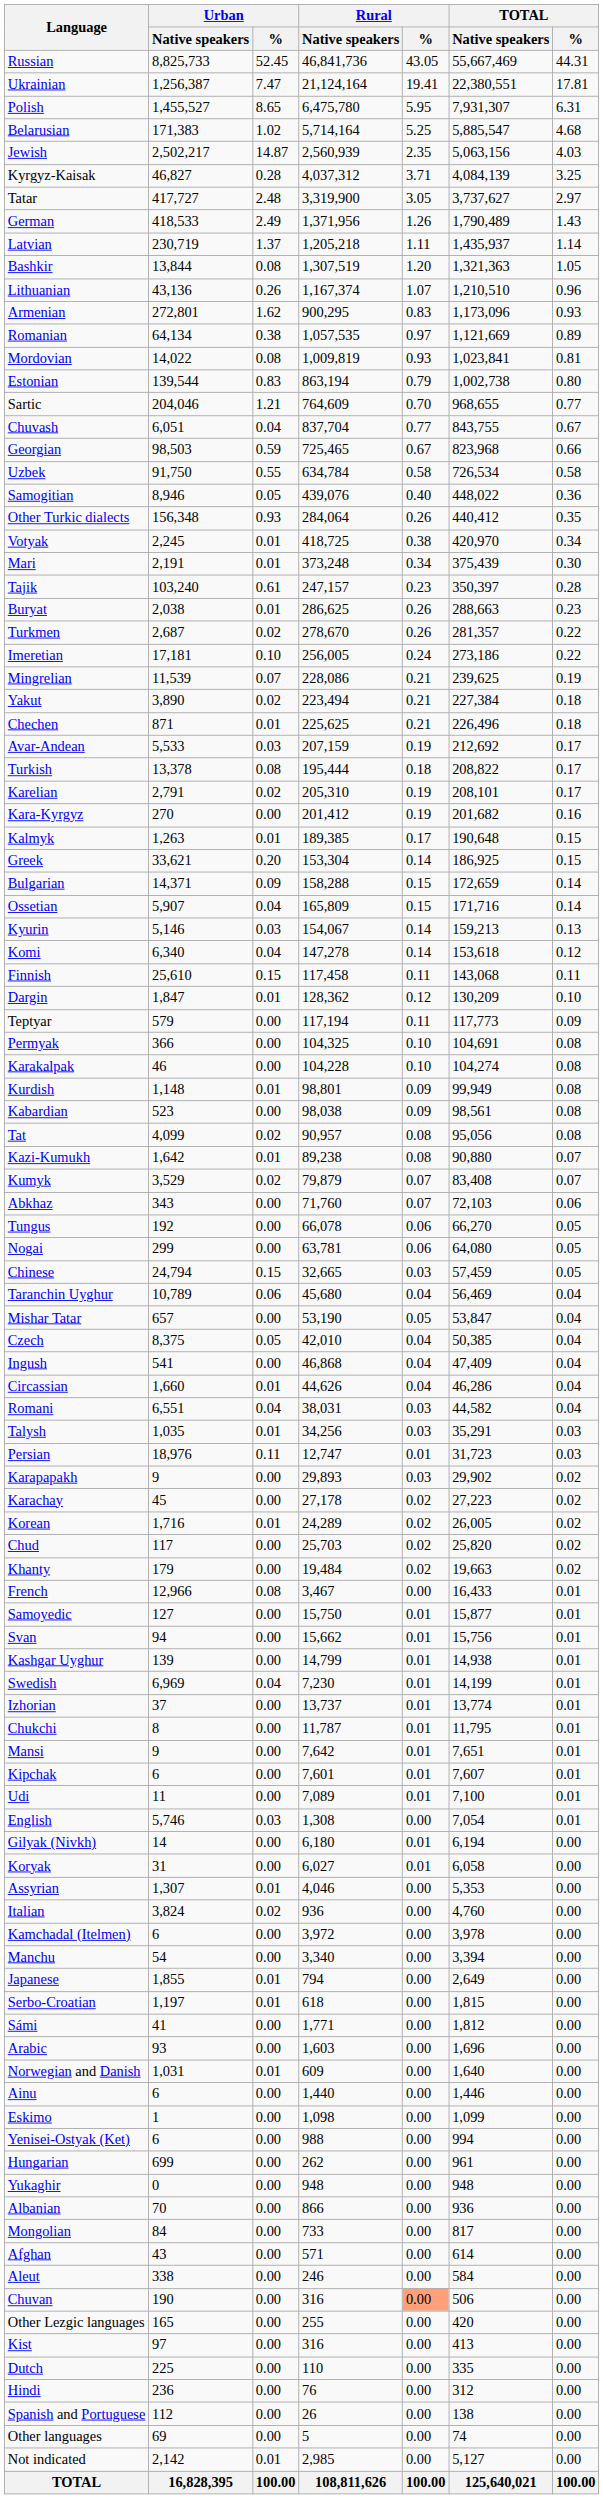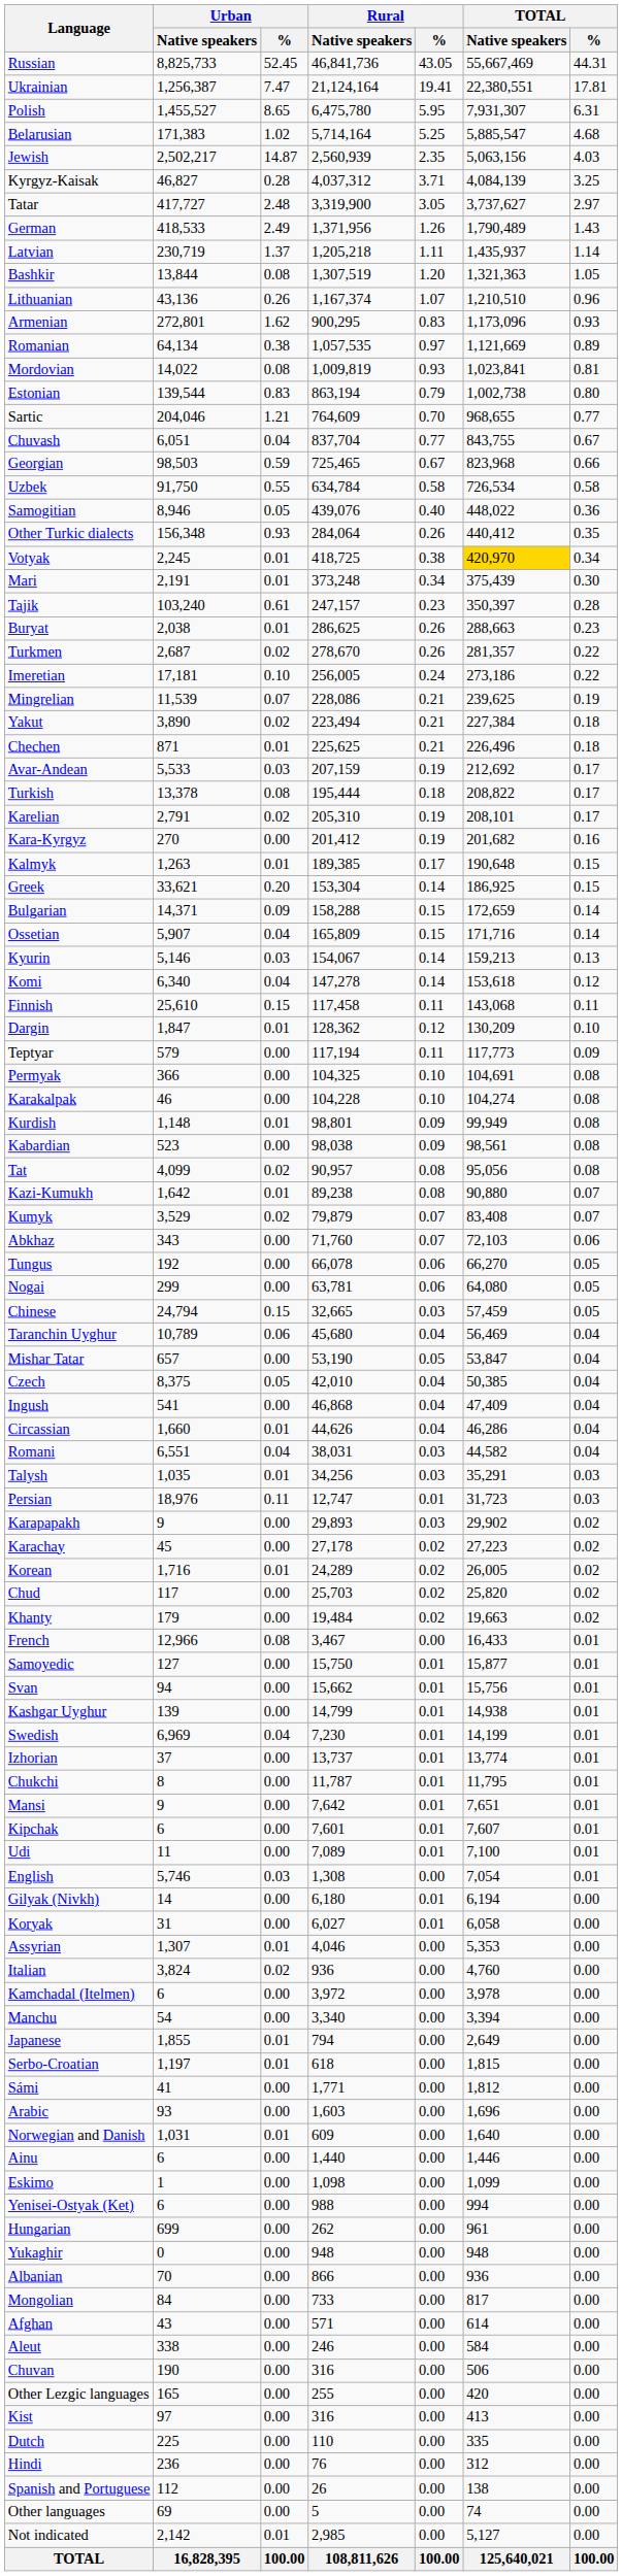 <table class="wikitable sortable">
 <tr>
 <th rowspan="2">Language</th>
 <th colspan="2"><a href='#'>Urban</a></th>
 <th colspan="2"><a href='#'>Rural</a></th>
 <th colspan="2">TOTAL</th>
 </tr>
 <tr>
 <th>Native speakers</th>
 <th>%</th>
 <th>Native speakers</th>
 <th>%</th>
 <th>Native speakers</th>
 <th>%</th>
 </tr>
 <tr>
 <td><a href='#'>Russian</a></td>
 <td>8,825,733</td>
 <td>52.45</td>
 <td>46,841,736</td>
 <td>43.05</td>
 <td>55,667,469</td>
 <td>44.31</td>
 </tr>
 <tr>
 <td><a href='#'>Ukrainian</a></td>
 <td>1,256,387</td>
 <td>7.47</td>
 <td>21,124,164</td>
 <td>19.41</td>
 <td>22,380,551</td>
 <td>17.81</td>
 </tr>
 <tr>
 <td><a href='#'>Polish</a></td>
 <td>1,455,527</td>
 <td>8.65</td>
 <td>6,475,780</td>
 <td>5.95</td>
 <td>7,931,307</td>
 <td>6.31</td>
 </tr>
 <tr>
 <td><a href='#'>Belarusian</a></td>
 <td>171,383</td>
 <td>1.02</td>
 <td>5,714,164</td>
 <td>5.25</td>
 <td>5,885,547</td>
 <td>4.68</td>
 </tr>
 <tr>
 <td><a href='#'>Jewish</a></td>
 <td>2,502,217</td>
 <td>14.87</td>
 <td>2,560,939</td>
 <td>2.35</td>
 <td>5,063,156</td>
 <td>4.03</td>
 </tr>
 <tr>
 <td>Kyrgyz-Kaisak</td>
 <td>46,827</td>
 <td>0.28</td>
 <td>4,037,312</td>
 <td>3.71</td>
 <td>4,084,139</td>
 <td>3.25</td>
 </tr>
 <tr>
 <td>Tatar</td>
 <td>417,727</td>
 <td>2.48</td>
 <td>3,319,900</td>
 <td>3.05</td>
 <td>3,737,627</td>
 <td>2.97</td>
 </tr>
 <tr>
 <td><a href='#'>German</a></td>
 <td>418,533</td>
 <td>2.49</td>
 <td>1,371,956</td>
 <td>1.26</td>
 <td>1,790,489</td>
 <td>1.43</td>
 </tr>
 <tr>
 <td><a href='#'>Latvian</a></td>
 <td>230,719</td>
 <td>1.37</td>
 <td>1,205,218</td>
 <td>1.11</td>
 <td>1,435,937</td>
 <td>1.14</td>
 </tr>
 <tr>
 <td><a href='#'>Bashkir</a></td>
 <td>13,844</td>
 <td>0.08</td>
 <td>1,307,519</td>
 <td>1.20</td>
 <td>1,321,363</td>
 <td>1.05</td>
 </tr>
 <tr>
 <td><a href='#'>Lithuanian</a></td>
 <td>43,136</td>
 <td>0.26</td>
 <td>1,167,374</td>
 <td>1.07</td>
 <td>1,210,510</td>
 <td>0.96</td>
 </tr>
 <tr>
 <td><a href='#'>Armenian</a></td>
 <td>272,801</td>
 <td>1.62</td>
 <td>900,295</td>
 <td>0.83</td>
 <td>1,173,096</td>
 <td>0.93</td>
 </tr>
 <tr>
 <td><a href='#'>Romanian</a></td>
 <td>64,134</td>
 <td>0.38</td>
 <td>1,057,535</td>
 <td>0.97</td>
 <td>1,121,669</td>
 <td>0.89</td>
 </tr>
 <tr>
 <td><a href='#'>Mordovian</a></td>
 <td>14,022</td>
 <td>0.08</td>
 <td>1,009,819</td>
 <td>0.93</td>
 <td>1,023,841</td>
 <td>0.81</td>
 </tr>
 <tr>
 <td><a href='#'>Estonian</a></td>
 <td>139,544</td>
 <td>0.83</td>
 <td>863,194</td>
 <td>0.79</td>
 <td>1,002,738</td>
 <td>0.80</td>
 </tr>
 <tr>
 <td>Sartic</td>
 <td>204,046</td>
 <td>1.21</td>
 <td>764,609</td>
 <td>0.70</td>
 <td>968,655</td>
 <td>0.77</td>
 </tr>
 <tr>
 <td><a href='#'>Chuvash</a></td>
 <td>6,051</td>
 <td>0.04</td>
 <td>837,704</td>
 <td>0.77</td>
 <td>843,755</td>
 <td>0.67</td>
 </tr>
 <tr>
 <td><a href='#'>Georgian</a></td>
 <td>98,503</td>
 <td>0.59</td>
 <td>725,465</td>
 <td>0.67</td>
 <td>823,968</td>
 <td>0.66</td>
 </tr>
 <tr>
 <td><a href='#'>Uzbek</a></td>
 <td>91,750</td>
 <td>0.55</td>
 <td>634,784</td>
 <td>0.58</td>
 <td>726,534</td>
 <td>0.58</td>
 </tr>
 <tr>
 <td><a href='#'>Samogitian</a></td>
 <td>8,946</td>
 <td>0.05</td>
 <td>439,076</td>
 <td>0.40</td>
 <td>448,022</td>
 <td>0.36</td>
 </tr>
 <tr>
 <td><a href='#'>Other Turkic dialects</a></td>
 <td>156,348</td>
 <td>0.93</td>
 <td>284,064</td>
 <td>0.26</td>
 <td>440,412</td>
 <td>0.35</td>
 </tr>
 <tr>
 <td><a href='#'>Votyak</a></td>
 <td>2,245</td>
 <td>0.01</td>
 <td>418,725</td>
 <td>0.38</td>
-<td>420,970</td>
+<td style="background: gold;">420,970</td>
 <td>0.34</td>
 </tr>
 <tr>
 <td><a href='#'>Mari</a></td>
 <td>2,191</td>
 <td>0.01</td>
 <td>373,248</td>
 <td>0.34</td>
 <td>375,439</td>
 <td>0.30</td>
 </tr>
 <tr>
 <td><a href='#'>Tajik</a></td>
 <td>103,240</td>
 <td>0.61</td>
 <td>247,157</td>
 <td>0.23</td>
 <td>350,397</td>
 <td>0.28</td>
 </tr>
 <tr>
 <td><a href='#'>Buryat</a></td>
 <td>2,038</td>
 <td>0.01</td>
 <td>286,625</td>
 <td>0.26</td>
 <td>288,663</td>
 <td>0.23</td>
 </tr>
 <tr>
 <td><a href='#'>Turkmen</a></td>
 <td>2,687</td>
 <td>0.02</td>
 <td>278,670</td>
 <td>0.26</td>
 <td>281,357</td>
 <td>0.22</td>
 </tr>
 <tr>
 <td><a href='#'>Imeretian</a></td>
 <td>17,181</td>
 <td>0.10</td>
 <td>256,005</td>
 <td>0.24</td>
 <td>273,186</td>
 <td>0.22</td>
 </tr>
 <tr>
 <td><a href='#'>Mingrelian</a></td>
 <td>11,539</td>
 <td>0.07</td>
 <td>228,086</td>
 <td>0.21</td>
 <td>239,625</td>
 <td>0.19</td>
 </tr>
 <tr>
 <td><a href='#'>Yakut</a></td>
 <td>3,890</td>
 <td>0.02</td>
 <td>223,494</td>
 <td>0.21</td>
 <td>227,384</td>
 <td>0.18</td>
 </tr>
 <tr>
 <td><a href='#'>Chechen</a></td>
 <td>871</td>
 <td>0.01</td>
 <td>225,625</td>
 <td>0.21</td>
 <td>226,496</td>
 <td>0.18</td>
 </tr>
 <tr>
 <td><a href='#'>Avar-Andean</a></td>
 <td>5,533</td>
 <td>0.03</td>
 <td>207,159</td>
 <td>0.19</td>
 <td>212,692</td>
 <td>0.17</td>
 </tr>
 <tr>
 <td><a href='#'>Turkish</a></td>
 <td>13,378</td>
 <td>0.08</td>
 <td>195,444</td>
 <td>0.18</td>
 <td>208,822</td>
 <td>0.17</td>
 </tr>
 <tr>
 <td><a href='#'>Karelian</a></td>
 <td>2,791</td>
 <td>0.02</td>
 <td>205,310</td>
 <td>0.19</td>
 <td>208,101</td>
 <td>0.17</td>
 </tr>
 <tr>
 <td><a href='#'>Kara-Kyrgyz</a></td>
 <td>270</td>
 <td>0.00</td>
 <td>201,412</td>
 <td>0.19</td>
 <td>201,682</td>
 <td>0.16</td>
 </tr>
 <tr>
 <td><a href='#'>Kalmyk</a></td>
 <td>1,263</td>
 <td>0.01</td>
 <td>189,385</td>
 <td>0.17</td>
 <td>190,648</td>
 <td>0.15</td>
 </tr>
 <tr>
 <td><a href='#'>Greek</a></td>
 <td>33,621</td>
 <td>0.20</td>
 <td>153,304</td>
 <td>0.14</td>
 <td>186,925</td>
 <td>0.15</td>
 </tr>
 <tr>
 <td><a href='#'>Bulgarian</a></td>
 <td>14,371</td>
 <td>0.09</td>
 <td>158,288</td>
 <td>0.15</td>
 <td>172,659</td>
 <td>0.14</td>
 </tr>
 <tr>
 <td><a href='#'>Ossetian</a></td>
 <td>5,907</td>
 <td>0.04</td>
 <td>165,809</td>
 <td>0.15</td>
 <td>171,716</td>
 <td>0.14</td>
 </tr>
 <tr>
 <td><a href='#'>Kyurin</a></td>
 <td>5,146</td>
 <td>0.03</td>
 <td>154,067</td>
 <td>0.14</td>
 <td>159,213</td>
 <td>0.13</td>
 </tr>
 <tr>
 <td><a href='#'>Komi</a></td>
 <td>6,340</td>
 <td>0.04</td>
 <td>147,278</td>
 <td>0.14</td>
 <td>153,618</td>
 <td>0.12</td>
 </tr>
 <tr>
 <td><a href='#'>Finnish</a></td>
 <td>25,610</td>
 <td>0.15</td>
 <td>117,458</td>
 <td>0.11</td>
 <td>143,068</td>
 <td>0.11</td>
 </tr>
 <tr>
 <td><a href='#'>Dargin</a></td>
 <td>1,847</td>
 <td>0.01</td>
 <td>128,362</td>
 <td>0.12</td>
 <td>130,209</td>
 <td>0.10</td>
 </tr>
 <tr>
 <td>Teptyar</td>
 <td>579</td>
 <td>0.00</td>
 <td>117,194</td>
 <td>0.11</td>
 <td>117,773</td>
 <td>0.09</td>
 </tr>
 <tr>
 <td><a href='#'>Permyak</a></td>
 <td>366</td>
 <td>0.00</td>
 <td>104,325</td>
 <td>0.10</td>
 <td>104,691</td>
 <td>0.08</td>
 </tr>
 <tr>
 <td><a href='#'>Karakalpak</a></td>
 <td>46</td>
 <td>0.00</td>
 <td>104,228</td>
 <td>0.10</td>
 <td>104,274</td>
 <td>0.08</td>
 </tr>
 <tr>
 <td><a href='#'>Kurdish</a></td>
 <td>1,148</td>
 <td>0.01</td>
 <td>98,801</td>
 <td>0.09</td>
 <td>99,949</td>
 <td>0.08</td>
 </tr>
 <tr>
 <td><a href='#'>Kabardian</a></td>
 <td>523</td>
 <td>0.00</td>
 <td>98,038</td>
 <td>0.09</td>
 <td>98,561</td>
 <td>0.08</td>
 </tr>
 <tr>
 <td><a href='#'>Tat</a></td>
 <td>4,099</td>
 <td>0.02</td>
 <td>90,957</td>
 <td>0.08</td>
 <td>95,056</td>
 <td>0.08</td>
 </tr>
 <tr>
 <td><a href='#'>Kazi-Kumukh</a></td>
 <td>1,642</td>
 <td>0.01</td>
 <td>89,238</td>
 <td>0.08</td>
 <td>90,880</td>
 <td>0.07</td>
 </tr>
 <tr>
 <td><a href='#'>Kumyk</a></td>
 <td>3,529</td>
 <td>0.02</td>
 <td>79,879</td>
 <td>0.07</td>
 <td>83,408</td>
 <td>0.07</td>
 </tr>
 <tr>
 <td><a href='#'>Abkhaz</a></td>
 <td>343</td>
 <td>0.00</td>
 <td>71,760</td>
 <td>0.07</td>
 <td>72,103</td>
 <td>0.06</td>
 </tr>
 <tr>
 <td><a href='#'>Tungus</a></td>
 <td>192</td>
 <td>0.00</td>
 <td>66,078</td>
 <td>0.06</td>
 <td>66,270</td>
 <td>0.05</td>
 </tr>
 <tr>
 <td><a href='#'>Nogai</a></td>
 <td>299</td>
 <td>0.00</td>
 <td>63,781</td>
 <td>0.06</td>
 <td>64,080</td>
 <td>0.05</td>
 </tr>
 <tr>
 <td><a href='#'>Chinese</a></td>
 <td>24,794</td>
 <td>0.15</td>
 <td>32,665</td>
 <td>0.03</td>
 <td>57,459</td>
 <td>0.05</td>
 </tr>
 <tr>
 <td><a href='#'>Taranchin Uyghur</a></td>
 <td>10,789</td>
 <td>0.06</td>
 <td>45,680</td>
 <td>0.04</td>
 <td>56,469</td>
 <td>0.04</td>
 </tr>
 <tr>
 <td><a href='#'>Mishar Tatar</a></td>
 <td>657</td>
 <td>0.00</td>
 <td>53,190</td>
 <td>0.05</td>
 <td>53,847</td>
 <td>0.04</td>
 </tr>
 <tr>
 <td><a href='#'>Czech</a></td>
 <td>8,375</td>
 <td>0.05</td>
 <td>42,010</td>
 <td>0.04</td>
 <td>50,385</td>
 <td>0.04</td>
 </tr>
 <tr>
 <td><a href='#'>Ingush</a></td>
 <td>541</td>
 <td>0.00</td>
 <td>46,868</td>
 <td>0.04</td>
 <td>47,409</td>
 <td>0.04</td>
 </tr>
 <tr>
 <td><a href='#'>Circassian</a></td>
 <td>1,660</td>
 <td>0.01</td>
 <td>44,626</td>
 <td>0.04</td>
 <td>46,286</td>
 <td>0.04</td>
 </tr>
 <tr>
 <td><a href='#'>Romani</a></td>
 <td>6,551</td>
 <td>0.04</td>
 <td>38,031</td>
 <td>0.03</td>
 <td>44,582</td>
 <td>0.04</td>
 </tr>
 <tr>
 <td><a href='#'>Talysh</a></td>
 <td>1,035</td>
 <td>0.01</td>
 <td>34,256</td>
 <td>0.03</td>
 <td>35,291</td>
 <td>0.03</td>
 </tr>
 <tr>
 <td><a href='#'>Persian</a></td>
 <td>18,976</td>
 <td>0.11</td>
 <td>12,747</td>
 <td>0.01</td>
 <td>31,723</td>
 <td>0.03</td>
 </tr>
 <tr>
 <td><a href='#'>Karapapakh</a></td>
 <td>9</td>
 <td>0.00</td>
 <td>29,893</td>
 <td>0.03</td>
 <td>29,902</td>
 <td>0.02</td>
 </tr>
 <tr>
 <td><a href='#'>Karachay</a></td>
 <td>45</td>
 <td>0.00</td>
 <td>27,178</td>
 <td>0.02</td>
 <td>27,223</td>
 <td>0.02</td>
 </tr>
 <tr>
 <td><a href='#'>Korean</a></td>
 <td>1,716</td>
 <td>0.01</td>
 <td>24,289</td>
 <td>0.02</td>
 <td>26,005</td>
 <td>0.02</td>
 </tr>
 <tr>
 <td><a href='#'>Chud</a></td>
 <td>117</td>
 <td>0.00</td>
 <td>25,703</td>
 <td>0.02</td>
 <td>25,820</td>
 <td>0.02</td>
 </tr>
 <tr>
 <td><a href='#'>Khanty</a></td>
 <td>179</td>
 <td>0.00</td>
 <td>19,484</td>
 <td>0.02</td>
 <td>19,663</td>
 <td>0.02</td>
 </tr>
 <tr>
 <td><a href='#'>French</a></td>
 <td>12,966</td>
 <td>0.08</td>
 <td>3,467</td>
 <td>0.00</td>
 <td>16,433</td>
 <td>0.01</td>
 </tr>
 <tr>
 <td><a href='#'>Samoyedic</a></td>
 <td>127</td>
 <td>0.00</td>
 <td>15,750</td>
 <td>0.01</td>
 <td>15,877</td>
 <td>0.01</td>
 </tr>
 <tr>
 <td><a href='#'>Svan</a></td>
 <td>94</td>
 <td>0.00</td>
 <td>15,662</td>
 <td>0.01</td>
 <td>15,756</td>
 <td>0.01</td>
 </tr>
 <tr>
 <td><a href='#'>Kashgar Uyghur</a></td>
 <td>139</td>
 <td>0.00</td>
 <td>14,799</td>
 <td>0.01</td>
 <td>14,938</td>
 <td>0.01</td>
 </tr>
 <tr>
 <td><a href='#'>Swedish</a></td>
 <td>6,969</td>
 <td>0.04</td>
 <td>7,230</td>
 <td>0.01</td>
 <td>14,199</td>
 <td>0.01</td>
 </tr>
 <tr>
 <td><a href='#'>Izhorian</a></td>
 <td>37</td>
 <td>0.00</td>
 <td>13,737</td>
 <td>0.01</td>
 <td>13,774</td>
 <td>0.01</td>
 </tr>
 <tr>
 <td><a href='#'>Chukchi</a></td>
 <td>8</td>
 <td>0.00</td>
 <td>11,787</td>
 <td>0.01</td>
 <td>11,795</td>
 <td>0.01</td>
 </tr>
 <tr>
 <td><a href='#'>Mansi</a></td>
 <td>9</td>
 <td>0.00</td>
 <td>7,642</td>
 <td>0.01</td>
 <td>7,651</td>
 <td>0.01</td>
 </tr>
 <tr>
 <td><a href='#'>Kipchak</a></td>
 <td>6</td>
 <td>0.00</td>
 <td>7,601</td>
 <td>0.01</td>
 <td>7,607</td>
 <td>0.01</td>
 </tr>
 <tr>
 <td><a href='#'>Udi</a></td>
 <td>11</td>
 <td>0.00</td>
 <td>7,089</td>
 <td>0.01</td>
 <td>7,100</td>
 <td>0.01</td>
 </tr>
 <tr>
 <td><a href='#'>English</a></td>
 <td>5,746</td>
 <td>0.03</td>
 <td>1,308</td>
 <td>0.00</td>
 <td>7,054</td>
 <td>0.01</td>
 </tr>
 <tr>
 <td><a href='#'>Gilyak (Nivkh)</a></td>
 <td>14</td>
 <td>0.00</td>
 <td>6,180</td>
 <td>0.01</td>
 <td>6,194</td>
 <td>0.00</td>
 </tr>
 <tr>
 <td><a href='#'>Koryak</a></td>
 <td>31</td>
 <td>0.00</td>
 <td>6,027</td>
 <td>0.01</td>
 <td>6,058</td>
 <td>0.00</td>
 </tr>
 <tr>
 <td><a href='#'>Assyrian</a></td>
 <td>1,307</td>
 <td>0.01</td>
 <td>4,046</td>
 <td>0.00</td>
 <td>5,353</td>
 <td>0.00</td>
 </tr>
 <tr>
 <td><a href='#'>Italian</a></td>
 <td>3,824</td>
 <td>0.02</td>
 <td>936</td>
 <td>0.00</td>
 <td>4,760</td>
 <td>0.00</td>
 </tr>
 <tr>
 <td><a href='#'>Kamchadal (Itelmen)</a></td>
 <td>6</td>
 <td>0.00</td>
 <td>3,972</td>
 <td>0.00</td>
 <td>3,978</td>
 <td>0.00</td>
 </tr>
 <tr>
 <td><a href='#'>Manchu</a></td>
 <td>54</td>
 <td>0.00</td>
 <td>3,340</td>
 <td>0.00</td>
 <td>3,394</td>
 <td>0.00</td>
 </tr>
 <tr>
 <td><a href='#'>Japanese</a></td>
 <td>1,855</td>
 <td>0.01</td>
 <td>794</td>
 <td>0.00</td>
 <td>2,649</td>
 <td>0.00</td>
 </tr>
 <tr>
 <td><a href='#'>Serbo-Croatian</a></td>
 <td>1,197</td>
 <td>0.01</td>
 <td>618</td>
 <td>0.00</td>
 <td>1,815</td>
 <td>0.00</td>
 </tr>
 <tr>
 <td><a href='#'>Sámi</a></td>
 <td>41</td>
 <td>0.00</td>
 <td>1,771</td>
 <td>0.00</td>
 <td>1,812</td>
 <td>0.00</td>
 </tr>
 <tr>
 <td><a href='#'>Arabic</a></td>
 <td>93</td>
 <td>0.00</td>
 <td>1,603</td>
 <td>0.00</td>
 <td>1,696</td>
 <td>0.00</td>
 </tr>
 <tr>
 <td><a href='#'>Norwegian</a> and <a href='#'>Danish</a></td>
 <td>1,031</td>
 <td>0.01</td>
 <td>609</td>
 <td>0.00</td>
 <td>1,640</td>
 <td>0.00</td>
 </tr>
 <tr>
 <td><a href='#'>Ainu</a></td>
 <td>6</td>
 <td>0.00</td>
 <td>1,440</td>
 <td>0.00</td>
 <td>1,446</td>
 <td>0.00</td>
 </tr>
 <tr>
 <td><a href='#'>Eskimo</a></td>
 <td>1</td>
 <td>0.00</td>
 <td>1,098</td>
 <td>0.00</td>
 <td>1,099</td>
 <td>0.00</td>
 </tr>
 <tr>
 <td><a href='#'>Yenisei-Ostyak (Ket)</a></td>
 <td>6</td>
 <td>0.00</td>
 <td>988</td>
 <td>0.00</td>
 <td>994</td>
 <td>0.00</td>
 </tr>
 <tr>
 <td><a href='#'>Hungarian</a></td>
 <td>699</td>
 <td>0.00</td>
 <td>262</td>
 <td>0.00</td>
 <td>961</td>
 <td>0.00</td>
 </tr>
 <tr>
 <td><a href='#'>Yukaghir</a></td>
 <td>0</td>
 <td>0.00</td>
 <td>948</td>
 <td>0.00</td>
 <td>948</td>
 <td>0.00</td>
 </tr>
 <tr>
 <td><a href='#'>Albanian</a></td>
 <td>70</td>
 <td>0.00</td>
 <td>866</td>
 <td>0.00</td>
 <td>936</td>
 <td>0.00</td>
 </tr>
 <tr>
 <td><a href='#'>Mongolian</a></td>
 <td>84</td>
 <td>0.00</td>
 <td>733</td>
 <td>0.00</td>
 <td>817</td>
 <td>0.00</td>
 </tr>
 <tr>
 <td><a href='#'>Afghan</a></td>
 <td>43</td>
 <td>0.00</td>
 <td>571</td>
 <td>0.00</td>
 <td>614</td>
 <td>0.00</td>
 </tr>
 <tr>
 <td><a href='#'>Aleut</a></td>
 <td>338</td>
 <td>0.00</td>
 <td>246</td>
 <td>0.00</td>
 <td>584</td>
 <td>0.00</td>
 </tr>
 <tr>
 <td><a href='#'>Chuvan</a></td>
 <td>190</td>
 <td>0.00</td>
 <td>316</td>
-<td style="background: lightsalmon;">0.00</td>
+<td>0.00</td>
 <td>506</td>
 <td>0.00</td>
 </tr>
 <tr>
 <td>Other Lezgic languages</td>
 <td>165</td>
 <td>0.00</td>
 <td>255</td>
 <td>0.00</td>
 <td>420</td>
 <td>0.00</td>
 </tr>
 <tr>
 <td><a href='#'>Kist</a></td>
 <td>97</td>
 <td>0.00</td>
 <td>316</td>
 <td>0.00</td>
 <td>413</td>
 <td>0.00</td>
 </tr>
 <tr>
 <td><a href='#'>Dutch</a></td>
 <td>225</td>
 <td>0.00</td>
 <td>110</td>
 <td>0.00</td>
 <td>335</td>
 <td>0.00</td>
 </tr>
 <tr>
 <td><a href='#'>Hindi</a></td>
 <td>236</td>
 <td>0.00</td>
 <td>76</td>
 <td>0.00</td>
 <td>312</td>
 <td>0.00</td>
 </tr>
 <tr>
 <td><a href='#'>Spanish</a> and <a href='#'>Portuguese</a></td>
 <td>112</td>
 <td>0.00</td>
 <td>26</td>
 <td>0.00</td>
 <td>138</td>
 <td>0.00</td>
 </tr>
 <tr>
 <td>Other languages</td>
 <td>69</td>
 <td>0.00</td>
 <td>5</td>
 <td>0.00</td>
 <td>74</td>
 <td>0.00</td>
 </tr>
 <tr>
 <td>Not indicated</td>
 <td>2,142</td>
 <td>0.01</td>
 <td>2,985</td>
 <td>0.00</td>
 <td>5,127</td>
 <td>0.00</td>
 </tr>
 <tr>
 <th>TOTAL</th>
 <th>16,828,395</th>
 <th>100.00</th>
 <th>108,811,626</th>
 <th>100.00</th>
 <th>125,640,021</th>
 <th>100.00</th>
 </tr>
 </table>
